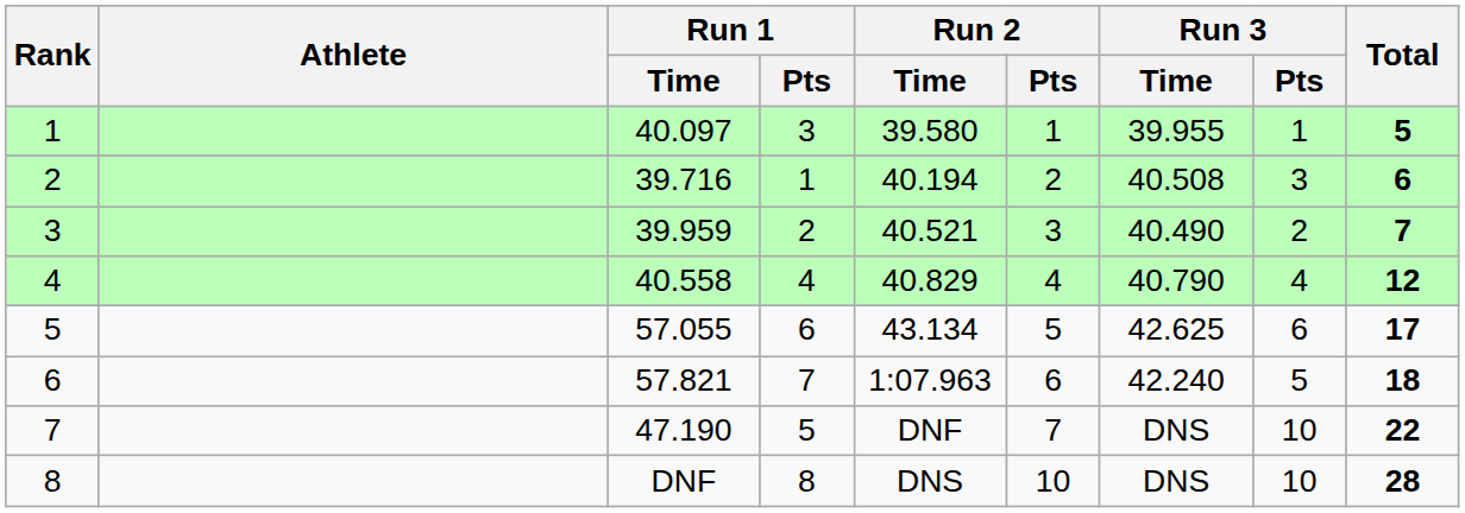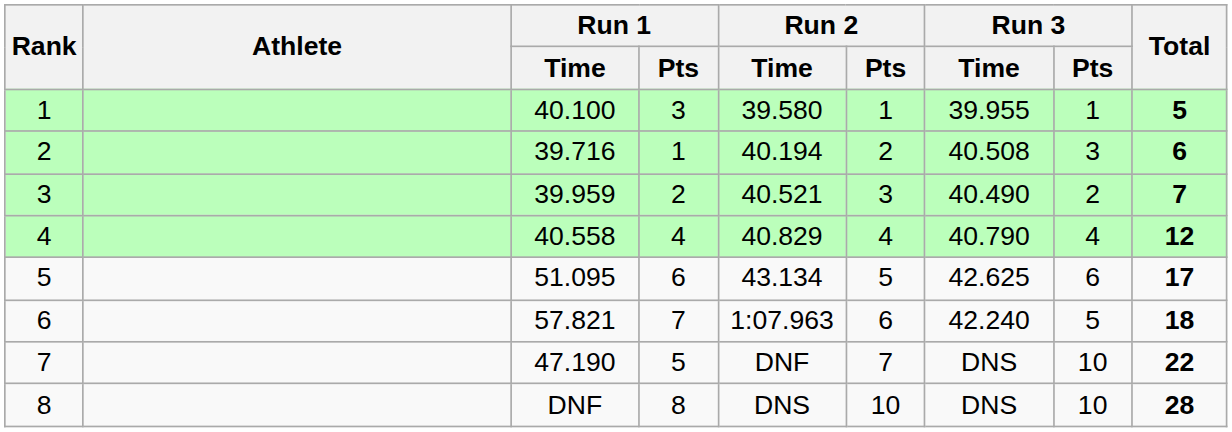 <table class=wikitable style="text-align:center">
 <tr>
 <th rowspan="2" width=40>Rank</th>
 <th rowspan="2" width=250>Athlete</th>
 <th colspan="2">Run 1</th>
 <th colspan="2">Run 2</th>
 <th colspan="2">Run 3</th>
 <th rowspan="2" width=50>Total</th>
 </tr>
 <tr>
 <th width=70>Time</th>
 <th width=40>Pts</th>
 <th width=70>Time</th>
 <th width=40>Pts</th>
 <th width=70>Time</th>
 <th width=40>Pts</th>
 </tr>
 <tr bgcolor=bbffbb>
 <td>1</td>
 <td align=left></td>
-<td>40.097</td>
+<td>40.100</td>
 <td>3</td>
 <td>39.580</td>
 <td>1</td>
 <td>39.955</td>
 <td>1</td>
 <td><strong>5</strong></td>
 </tr>
 <tr bgcolor=bbffbb>
 <td>2</td>
 <td align=left></td>
 <td>39.716</td>
 <td>1</td>
 <td>40.194</td>
 <td>2</td>
 <td>40.508</td>
 <td>3</td>
 <td><strong>6</strong></td>
 </tr>
 <tr bgcolor=bbffbb>
 <td>3</td>
 <td align=left></td>
 <td>39.959</td>
 <td>2</td>
 <td>40.521</td>
 <td>3</td>
 <td>40.490</td>
 <td>2</td>
 <td><strong>7</strong></td>
 </tr>
 <tr bgcolor=bbffbb>
 <td>4</td>
 <td align=left></td>
 <td>40.558</td>
 <td>4</td>
 <td>40.829</td>
 <td>4</td>
 <td>40.790</td>
 <td>4</td>
 <td><strong>12</strong></td>
 </tr>
 <tr>
 <td>5</td>
 <td align=left></td>
-<td>57.055</td>
+<td>51.095</td>
 <td>6</td>
 <td>43.134</td>
 <td>5</td>
 <td>42.625</td>
 <td>6</td>
 <td><strong>17</strong></td>
 </tr>
 <tr>
 <td>6</td>
 <td align=left></td>
 <td>57.821</td>
 <td>7</td>
 <td>1:07.963</td>
 <td>6</td>
 <td>42.240</td>
 <td>5</td>
 <td><strong>18</strong></td>
 </tr>
 <tr>
 <td>7</td>
 <td align=left></td>
 <td>47.190</td>
 <td>5</td>
 <td>DNF</td>
 <td>7</td>
 <td>DNS</td>
 <td>10</td>
 <td><strong>22</strong></td>
 </tr>
 <tr>
 <td>8</td>
 <td align=left></td>
 <td>DNF</td>
 <td>8</td>
 <td>DNS</td>
 <td>10</td>
 <td>DNS</td>
 <td>10</td>
 <td><strong>28</strong></td>
 </tr>
 </table>
